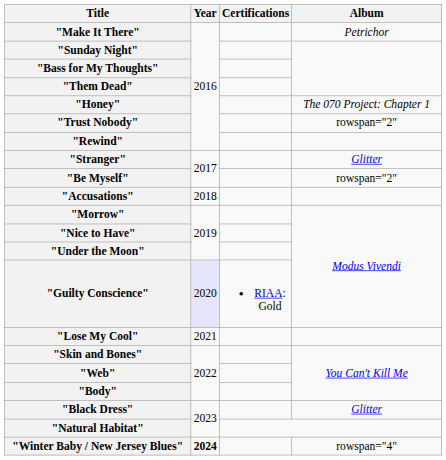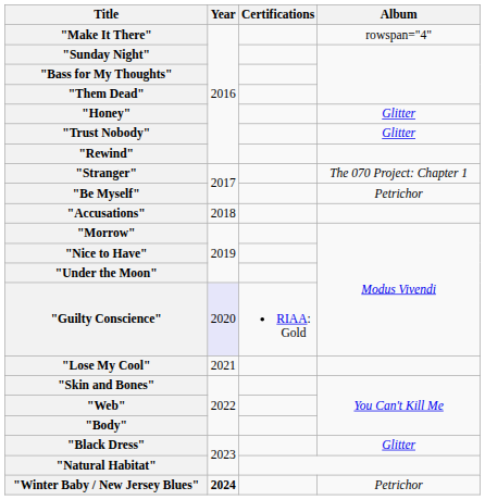 <table class="wikitable plainrowheaders" style="text-align:center;">
 <tr>
 <th scope="col" style="width:19em;">Title</th>
 <th scope="col" style="width:1em;">Year</th>
 <th scope="col">Certifications</th>
 <th scope="col" style="width:15em;">Album</th>
 </tr>
 <tr>
 <th scope="row">"Make It There"</th>
 <td rowspan="7">2016</td>
 <td></td>
-<td><em>Petrichor</em></td>
+<td>rowspan="4" </td>
 </tr>
 <tr>
 <th scope="row">"Sunday Night"<br></th>
 <td></td>
 </tr>
 <tr>
 <th scope="row">"Bass for My Thoughts"</th>
 <td></td>
 </tr>
 <tr>
 <th scope="row">"Them Dead"<br></th>
 <td></td>
 </tr>
 <tr>
 <th scope="row">"Honey"<br></th>
 <td></td>
-<td><em>The 070 Project: Chapter 1</em></td>
+<td><em><a href='#'>Glitter</a></em></td>
 </tr>
 <tr>
 <th scope="row">"Trust Nobody"</th>
 <td></td>
-<td>rowspan="2" </td>
+<td><em><a href='#'>Glitter</a></em></td>
 </tr>
 <tr>
 <th scope="row">"Rewind"<br></th>
 <td></td>
 </tr>
 <tr>
 <th scope="row">"Stranger"</th>
 <td rowspan="2">2017</td>
 <td></td>
-<td><em><a href='#'>Glitter</a></em></td>
+<td><em>The 070 Project: Chapter 1</em></td>
 </tr>
 <tr>
 <th scope="row">"Be Myself"</th>
 <td></td>
-<td>rowspan="2" </td>
+<td><em>Petrichor</em></td>
 </tr>
 <tr>
 <th scope="row">"Accusations"</th>
 <td>2018</td>
 <td></td>
 </tr>
 <tr>
 <th scope="row">"Morrow"</th>
 <td rowspan="3">2019</td>
 <td></td>
 <td rowspan="4"><a href='#'><em>Modus Vivendi</em></a></td>
 </tr>
 <tr>
 <th scope="row">"Nice to Have"</th>
 <td></td>
 </tr>
 <tr>
 <th scope="row">"Under the Moon"</th>
 <td></td>
 </tr>
 <tr>
 <th scope="row">"Guilty Conscience"</th>
 <td style="background: lavender;">2020</td>
 <td><br><ul><li><a href='#'>RIAA</a>: Gold</li></ul></td>
 </tr>
 <tr>
 <th scope="row">"Lose My Cool"<br></th>
 <td>2021</td>
 <td></td>
 <td></td>
 </tr>
 <tr>
 <th scope="row">"Skin and Bones"</th>
 <td rowspan="3">2022</td>
 <td></td>
 <td rowspan="3"><em><a href='#'>You Can't Kill Me</a></em></td>
 </tr>
 <tr>
 <th scope="row">"Web"</th>
 <td></td>
 </tr>
 <tr>
 <th scope="row">"Body"<br></th>
 <td></td>
 </tr>
 <tr>
 <th scope="row">"Black Dress"</th>
 <td rowspan="2">2023</td>
 <td></td>
 <td><em><a href='#'>Glitter</a></em></td>
 </tr>
 <tr>
 <th scope="row">"Natural Habitat"<br> </th>
 </tr>
 <tr>
 <th scope="row">"Winter Baby / New Jersey Blues"</th>
 <td><strong>2024</strong></td>
 <td></td>
-<td>rowspan="4" </td>
+<td><em>Petrichor</em></td>
 </tr>
 </table>
